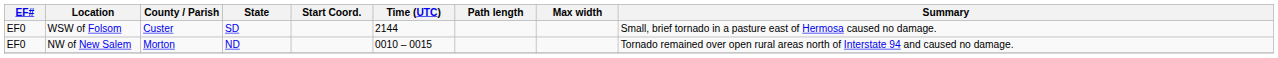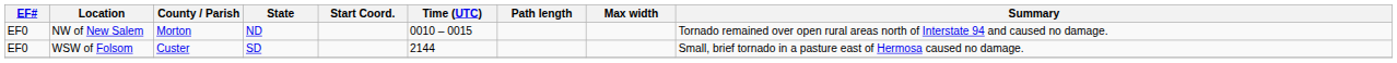 <table class="wikitable sortable" style="width:100%;">
 <tr>
 <th scope="col" width="3%" align="center"><a href='#'>EF#</a></th>
 <th scope="col" width="7%" align="center" class="unsortable">Location</th>
 <th scope="col" width="6%" align="center" class="unsortable">County / Parish</th>
 <th scope="col" width="5%" align="center">State</th>
 <th scope="col" width="6%" align="center">Start Coord.</th>
 <th scope="col" width="6%" align="center">Time (<a href='#'>UTC</a>)</th>
 <th scope="col" width="6%" align="center">Path length</th>
 <th scope="col" width="6%" align="center">Max width</th>
 <th scope="col" width="48%" class="unsortable" align="center">Summary</th>
 </tr>
 <tr>
 <td>EF0</td>
+<td>NW of <a href='#'>New Salem</a></td>
+<td><a href='#'>Morton</a></td>
+<td><a href='#'>ND</a></td>
+<td></td>
+<td>0010 – 0015</td>
+<td></td>
+<td></td>
+<td>Tornado remained over open rural areas north of <a href='#'>Interstate 94</a> and caused no damage.</td>
+</tr>
+<tr>
+<td>EF0</td>
 <td>WSW of <a href='#'>Folsom</a></td>
 <td><a href='#'>Custer</a></td>
 <td><a href='#'>SD</a></td>
 <td></td>
 <td>2144</td>
 <td></td>
 <td></td>
 <td>Small, brief tornado in a pasture east of <a href='#'>Hermosa</a> caused no damage.</td>
 </tr>
 <tr>
-<td>EF0</td>
-<td>NW of <a href='#'>New Salem</a></td>
-<td><a href='#'>Morton</a></td>
-<td><a href='#'>ND</a></td>
-<td></td>
-<td>0010 – 0015</td>
-<td></td>
-<td></td>
-<td>Tornado remained over open rural areas north of <a href='#'>Interstate 94</a> and caused no damage.</td>
-</tr>
-<tr>
 </tr>
 </table>
